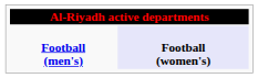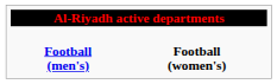 <table class="infobox" style="width: 20em; font-size: 95%em;">
 <tr style="color:red; background: black; text-align:center;">
 <th colspan="3" style="text-align: center">Al-Riyadh active departments</th>
 </tr>
 <tr style="text-align: center">
 <td><br><strong><a href='#'>Football<br>(men's)</a></strong></td>
-<td style="background: lavender;"><br><strong>Football<br>(women's)</strong></td>
+<td><br><strong>Football<br>(women's)</strong></td>
 </tr>
 </table>
